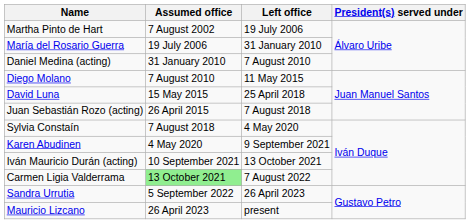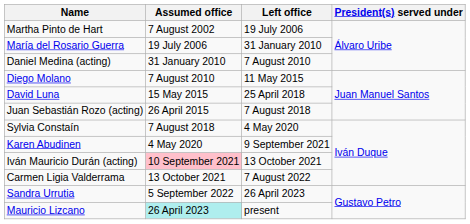 <table class="wikitable">
 <tr>
 <th>Name</th>
 <th>Assumed office</th>
 <th>Left office</th>
 <th><a href='#'>President(s)</a> served under</th>
 </tr>
 <tr>
 <td>Martha Pinto de Hart</td>
 <td>7 August 2002</td>
 <td>19 July 2006</td>
 <td rowspan="3"><a href='#'>Álvaro Uribe</a></td>
 </tr>
 <tr>
 <td><a href='#'>María del Rosario Guerra</a></td>
 <td>19 July 2006</td>
 <td>31 January 2010</td>
 </tr>
 <tr>
 <td>Daniel Medina (acting)</td>
 <td>31 January 2010</td>
 <td>7 August 2010</td>
 </tr>
 <tr>
 <td><a href='#'>Diego Molano</a></td>
 <td>7 August 2010</td>
 <td>11 May 2015</td>
 <td rowspan="3"><a href='#'>Juan Manuel Santos</a></td>
 </tr>
 <tr>
 <td><a href='#'>David Luna</a></td>
 <td>15 May 2015</td>
 <td>25 April 2018</td>
 </tr>
 <tr>
 <td>Juan Sebastián Rozo (acting)</td>
 <td>26 April 2015</td>
 <td>7 August 2018</td>
 </tr>
 <tr>
 <td>Sylvia Constaín</td>
 <td>7 August 2018</td>
 <td>4 May 2020</td>
 <td rowspan="4"><a href='#'>Iván Duque</a></td>
 </tr>
 <tr>
 <td><a href='#'>Karen Abudinen</a></td>
 <td>4 May 2020</td>
 <td>9 September 2021</td>
 </tr>
 <tr>
 <td>Iván Mauricio Durán (acting)</td>
-<td>10 September 2021</td>
+<td style="background: pink;">10 September 2021</td>
 <td>13 October 2021</td>
 </tr>
 <tr>
 <td>Carmen Ligia Valderrama</td>
-<td style="background: lightgreen;">13 October 2021</td>
+<td>13 October 2021</td>
 <td>7 August 2022</td>
 </tr>
 <tr>
 <td><a href='#'>Sandra Urrutia</a></td>
 <td>5 September 2022</td>
 <td>26 April 2023</td>
 <td rowspan="2"><a href='#'>Gustavo Petro</a></td>
 </tr>
 <tr>
 <td><a href='#'>Mauricio Lizcano</a></td>
-<td>26 April 2023</td>
+<td style="background: paleturquoise;">26 April 2023</td>
 <td>present</td>
 </tr>
 </table>
